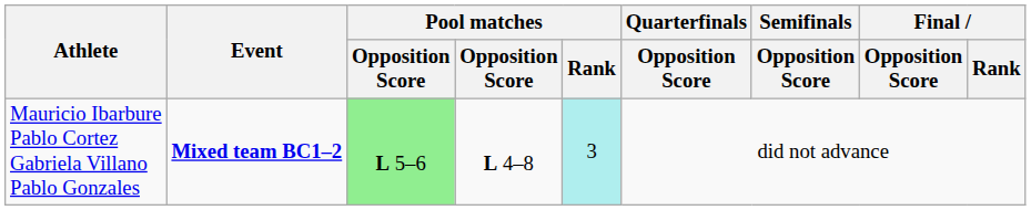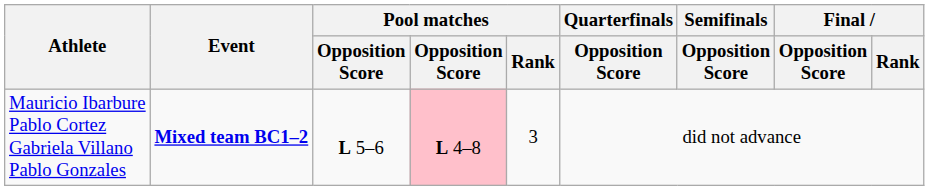 <table class=wikitable style="font-size:90%">
 <tr>
 <th rowspan="2">Athlete</th>
 <th rowspan="2">Event</th>
 <th colspan="3">Pool matches</th>
 <th>Quarterfinals</th>
 <th>Semifinals</th>
 <th colspan=2>Final / </th>
 </tr>
 <tr>
 <th>Opposition<br>Score</th>
 <th>Opposition<br>Score</th>
 <th>Rank</th>
 <th>Opposition<br>Score</th>
 <th>Opposition<br>Score</th>
 <th>Opposition<br>Score</th>
 <th>Rank</th>
 </tr>
 <tr>
 <td><a href='#'>Mauricio Ibarbure</a><br><a href='#'>Pablo Cortez</a><br><a href='#'>Gabriela Villano</a><br><a href='#'>Pablo Gonzales</a></td>
 <td><strong><a href='#'>Mixed team BC1–2</a></strong></td>
-<td align="center" style="background: lightgreen;"> <br> <strong>L</strong> 5–6</td>
-<td align="center"> <br> <strong>L</strong> 4–8</td>
-<td align="center" style="background: paleturquoise;">3</td>
+<td align="center"> <br> <strong>L</strong> 5–6</td>
+<td align="center" style="background: pink;"> <br> <strong>L</strong> 4–8</td>
+<td align="center">3</td>
 <td align="center" colspan=4>did not advance</td>
 </tr>
 </table>
